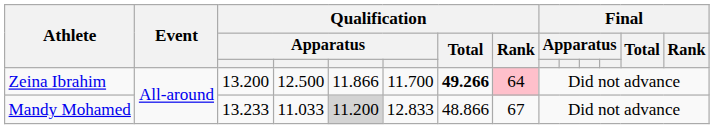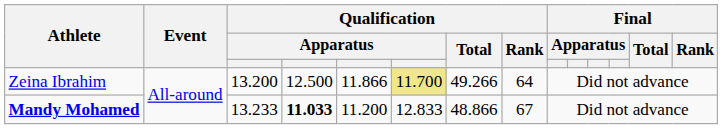 <table class="wikitable" style="font-size:90%">
 <tr>
 <th rowspan=3>Athlete</th>
 <th rowspan=3>Event</th>
 <th colspan=6>Qualification</th>
 <th colspan=6>Final</th>
 </tr>
 <tr style="font-size:95%">
 <th colspan=4>Apparatus</th>
 <th rowspan=2>Total</th>
 <th rowspan=2>Rank</th>
 <th colspan=4>Apparatus</th>
 <th rowspan=2>Total</th>
 <th rowspan=2>Rank</th>
 </tr>
 <tr style="font-size:95%">
 <th></th>
 <th></th>
 <th></th>
 <th></th>
 <th></th>
 <th></th>
 <th></th>
 <th></th>
 </tr>
 <tr align=center>
 <td align=left><a href='#'>Zeina Ibrahim</a></td>
 <td align=left rowspan=2><a href='#'>All-around</a></td>
 <td>13.200</td>
 <td>12.500</td>
 <td>11.866</td>
-<td>11.700</td>
-<td><strong>49.266</strong></td>
-<td style="background: pink;">64</td>
+<td style="background: khaki;">11.700</td>
+<td>49.266</td>
+<td>64</td>
 <td colspan="6">Did not advance</td>
 </tr>
 <tr align=center>
-<td align=left><a href='#'>Mandy Mohamed</a></td>
+<td align=left><strong><a href='#'>Mandy Mohamed</a></strong></td>
 <td>13.233</td>
-<td>11.033</td>
-<td style="background: lightgrey;">11.200</td>
+<td><strong>11.033</strong></td>
+<td>11.200</td>
 <td>12.833</td>
 <td>48.866</td>
 <td>67</td>
 <td colspan="6">Did not advance</td>
 </tr>
 </table>
